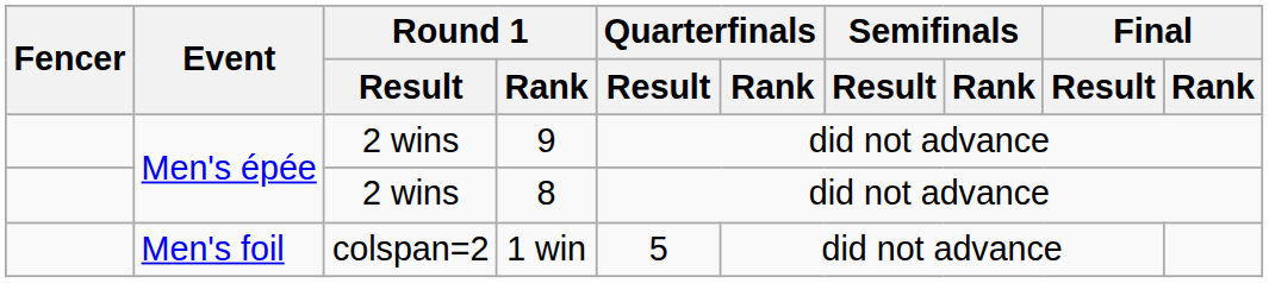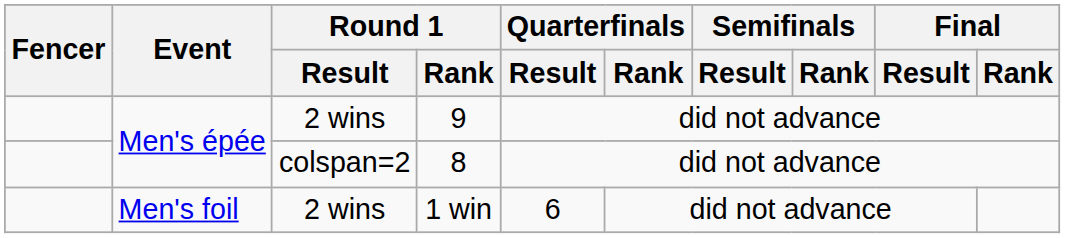 <table class="wikitable sortable" style="text-align:center">
 <tr>
 <th rowspan=2>Fencer</th>
 <th rowspan=2>Event</th>
 <th colspan=2>Round 1</th>
 <th colspan=2>Quarterfinals</th>
 <th colspan=2>Semifinals</th>
 <th colspan=2>Final</th>
 </tr>
 <tr>
 <th>Result</th>
 <th>Rank</th>
 <th>Result</th>
 <th>Rank</th>
 <th>Result</th>
 <th>Rank</th>
 <th>Result</th>
 <th>Rank</th>
 </tr>
 <tr>
 <td align=left></td>
 <td align=left rowspan=2><a href='#'>Men's épée</a></td>
 <td>2 wins</td>
 <td>9</td>
 <td colspan=6>did not advance</td>
 </tr>
 <tr>
 <td align=left></td>
-<td>2 wins</td>
+<td>colspan=2 </td>
 <td>8</td>
 <td colspan=6>did not advance</td>
 </tr>
 <tr>
 <td align=left></td>
 <td align=left rowspan=2><a href='#'>Men's foil</a></td>
-<td>colspan=2 </td>
+<td>2 wins</td>
 <td>1 win</td>
-<td>5</td>
+<td>6</td>
 <td colspan=4>did not advance</td>
 </tr>
 </table>
